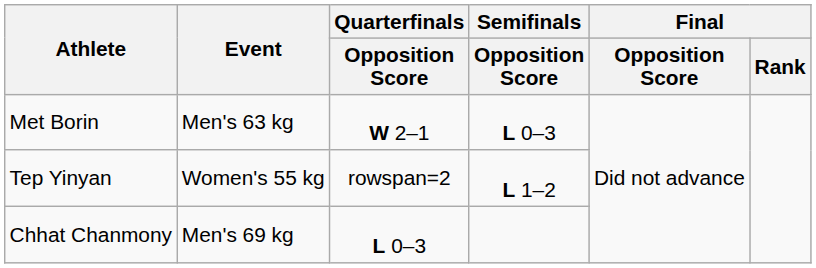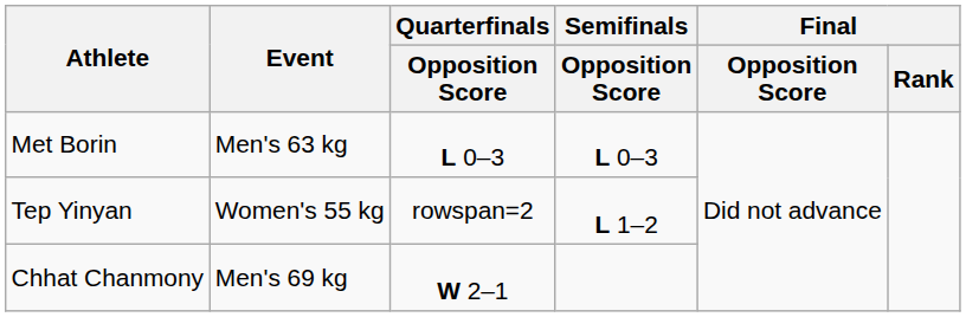 <table class="wikitable" style="font-size:90%">
 <tr>
 <th rowspan=2>Athlete</th>
 <th rowspan=2>Event</th>
 <th>Quarterfinals</th>
 <th>Semifinals</th>
 <th colspan=2>Final</th>
 </tr>
 <tr style="font-size:95">
 <th>Opposition<br>Score</th>
 <th>Opposition<br>Score</th>
 <th>Opposition<br>Score</th>
 <th>Rank</th>
 </tr>
 <tr align=center>
 <td align=left>Met Borin</td>
 <td align=left>Men's 63 kg</td>
-<td><br><strong>W</strong> 2–1</td>
+<td><br><strong>L</strong> 0–3</td>
 <td><br><strong>L</strong> 0–3</td>
 <td rowspan=3>Did not advance</td>
 <td rowspan=3></td>
 </tr>
 <tr align=center>
 <td align=left>Tep Yinyan</td>
 <td align=left>Women's 55 kg</td>
 <td>rowspan=2 </td>
 <td><br><strong>L</strong> 1–2</td>
 </tr>
 <tr align=center>
 <td align=left>Chhat Chanmony</td>
 <td align=left>Men's 69 kg</td>
-<td><br><strong>L</strong> 0–3</td>
+<td><br><strong>W</strong> 2–1</td>
 </tr>
 </table>
